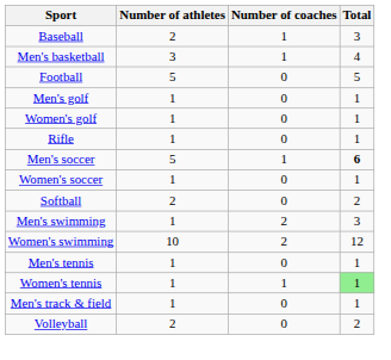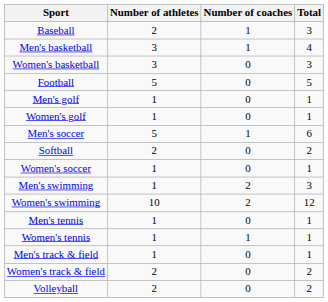 <table class="wikitable sortable" style="text-align:center;">
 <tr>
 <th style="text-align:center;">Sport</th>
 <th style="text-align:center;">Number of athletes</th>
 <th style="text-align:center;">Number of coaches</th>
 <th style="text-align:center;">Total</th>
 </tr>
 <tr>
 <td><a href='#'>Baseball</a></td>
 <td>2</td>
 <td>1</td>
 <td>3</td>
 </tr>
 <tr>
 <td><a href='#'>Men's basketball</a></td>
 <td>3</td>
 <td>1</td>
 <td>4</td>
 </tr>
 <tr>
+<td><a href='#'>Women's basketball</a></td>
+<td>3</td>
+<td>0</td>
+<td>3</td>
+</tr>
+<tr>
 <td><a href='#'>Football</a></td>
 <td>5</td>
 <td>0</td>
 <td>5</td>
 </tr>
 <tr>
 <td><a href='#'>Men's golf</a></td>
 <td>1</td>
 <td>0</td>
 <td>1</td>
 </tr>
 <tr>
 <td><a href='#'>Women's golf</a></td>
 <td>1</td>
 <td>0</td>
 <td>1</td>
 </tr>
 <tr>
-<td><a href='#'>Rifle</a></td>
-<td>1</td>
-<td>0</td>
-<td>1</td>
-</tr>
-<tr>
 <td><a href='#'>Men's soccer</a></td>
 <td>5</td>
 <td>1</td>
-<td><strong>6</strong></td>
+<td>6</td>
+</tr>
+<tr>
+<td><a href='#'>Softball</a></td>
+<td>2</td>
+<td>0</td>
+<td>2</td>
 </tr>
 <tr>
 <td><a href='#'>Women's soccer</a></td>
 <td>1</td>
 <td>0</td>
 <td>1</td>
-</tr>
-<tr>
-<td><a href='#'>Softball</a></td>
-<td>2</td>
-<td>0</td>
-<td>2</td>
 </tr>
 <tr>
 <td><a href='#'>Men's swimming</a></td>
 <td>1</td>
 <td>2</td>
 <td>3</td>
 </tr>
 <tr>
 <td><a href='#'>Women's swimming</a></td>
 <td>10</td>
 <td>2</td>
 <td>12</td>
 </tr>
 <tr>
 <td><a href='#'>Men's tennis</a></td>
 <td>1</td>
 <td>0</td>
 <td>1</td>
 </tr>
 <tr>
 <td><a href='#'>Women's tennis</a></td>
 <td>1</td>
 <td>1</td>
-<td style="background: lightgreen;">1</td>
+<td>1</td>
 </tr>
 <tr>
 <td><a href='#'>Men's track & field</a></td>
 <td>1</td>
 <td>0</td>
 <td>1</td>
 </tr>
 <tr>
+<td><a href='#'>Women's track & field</a></td>
+<td>2</td>
+<td>0</td>
+<td>2</td>
+</tr>
+<tr>
 <td><a href='#'>Volleyball</a></td>
 <td>2</td>
 <td>0</td>
 <td>2</td>
 </tr>
 </table>
